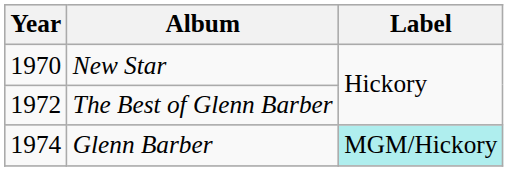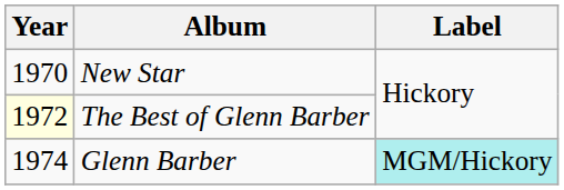 <table class="wikitable">
 <tr>
 <th>Year</th>
 <th>Album</th>
 <th>Label</th>
 </tr>
 <tr>
 <td>1970</td>
 <td><em>New Star</em></td>
 <td rowspan="2">Hickory</td>
 </tr>
 <tr>
-<td>1972</td>
+<td style="background: lightyellow;">1972</td>
 <td><em>The Best of Glenn Barber</em></td>
 </tr>
 <tr>
 <td>1974</td>
 <td><em>Glenn Barber</em></td>
 <td style="background: paleturquoise;">MGM/Hickory</td>
 </tr>
 </table>
